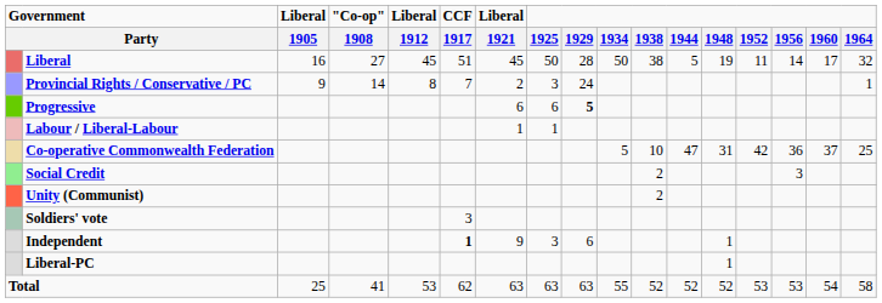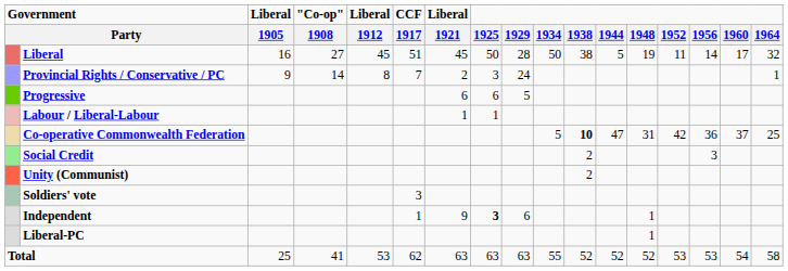 <table class="wikitable">
 <tr>
 <td colspan = "2"><strong>Government</strong></td>
 <td><strong>Liberal</strong></td>
 <td><strong>"Co-op"</strong></td>
 <td><strong>Liberal</strong></td>
 <td><strong>CCF</strong></td>
 <td><strong>Liberal</strong></td>
 </tr>
 <tr>
 <th colspan = "2">Party</th>
 <th><a href='#'>1905</a></th>
 <th><a href='#'>1908</a></th>
 <th><a href='#'>1912</a></th>
 <th><a href='#'>1917</a></th>
 <th><a href='#'>1921</a></th>
 <th><a href='#'>1925</a></th>
 <th><a href='#'>1929</a></th>
 <th><a href='#'>1934</a></th>
 <th><a href='#'>1938</a></th>
 <th><a href='#'>1944</a></th>
 <th><a href='#'>1948</a></th>
 <th><a href='#'>1952</a></th>
 <th><a href='#'>1956</a></th>
 <th><a href='#'>1960</a></th>
 <th><a href='#'>1964</a></th>
 </tr>
 <tr align = "right">
 <td bgcolor="#EA6D6A">   </td>
 <td align="left"><strong><a href='#'>Liberal</a></strong></td>
 <td>16</td>
 <td>27</td>
 <td>45</td>
 <td>51</td>
 <td>45</td>
 <td>50</td>
 <td>28</td>
 <td>50</td>
 <td>38</td>
 <td>5</td>
 <td>19</td>
 <td>11</td>
 <td>14</td>
 <td>17</td>
 <td>32</td>
 </tr>
 <tr align="right">
 <td bgcolor="#9999FF">   </td>
 <td align="left"><strong><a href='#'>Provincial Rights / Conservative / PC</a></strong></td>
 <td>9</td>
 <td>14</td>
 <td>8</td>
 <td>7</td>
 <td>2</td>
 <td>3</td>
 <td>24</td>
 <td></td>
 <td></td>
 <td></td>
 <td></td>
 <td></td>
 <td></td>
 <td></td>
 <td>1</td>
 </tr>
 <tr align = "right">
 <td bgcolor="#66CC00">   </td>
 <td align="left"><strong><a href='#'>Progressive</a></strong></td>
 <td></td>
 <td></td>
 <td></td>
 <td></td>
 <td>6</td>
 <td>6</td>
-<td><strong>5</strong></td>
+<td>5</td>
 <td></td>
 <td></td>
 <td></td>
 <td></td>
 <td></td>
 <td></td>
 <td></td>
 <td></td>
 </tr>
 <tr align = "right">
 <td bgcolor="#EEBBBB">   </td>
 <td align="left"><strong><a href='#'>Labour</a></strong> <strong>/</strong> <strong><a href='#'>Liberal-Labour</a></strong></td>
 <td></td>
 <td></td>
 <td></td>
 <td></td>
 <td>1</td>
 <td>1</td>
 <td></td>
 <td></td>
 <td></td>
 <td></td>
 <td></td>
 <td></td>
 <td></td>
 <td></td>
 <td></td>
 </tr>
 <tr align="right">
 <td bgcolor="#EEDDAA">   </td>
 <td align="left"><strong><a href='#'>Co-operative Commonwealth Federation</a></strong></td>
 <td></td>
 <td></td>
 <td></td>
 <td></td>
 <td></td>
 <td></td>
 <td></td>
 <td>5</td>
-<td>10</td>
+<td><strong>10</strong></td>
 <td>47</td>
 <td>31</td>
 <td>42</td>
 <td>36</td>
 <td>37</td>
 <td>25</td>
 </tr>
 <tr align = "right">
 <td bgcolor="#90EE90">   </td>
 <td align="left"><strong><a href='#'>Social Credit</a></strong></td>
 <td></td>
 <td></td>
 <td></td>
 <td></td>
 <td></td>
 <td></td>
 <td></td>
 <td></td>
 <td>2</td>
 <td></td>
 <td></td>
 <td></td>
 <td>3</td>
 <td></td>
 <td></td>
 </tr>
 <tr align = "right">
 <td bgcolor="#FF6347">   </td>
 <td align="left"><strong><a href='#'>Unity</a> (Communist)</strong></td>
 <td></td>
 <td></td>
 <td></td>
 <td></td>
 <td></td>
 <td></td>
 <td></td>
 <td></td>
 <td>2</td>
 <td></td>
 <td></td>
 <td></td>
 <td></td>
 <td></td>
 <td></td>
 </tr>
 <tr align = "right">
 <td bgcolor="#A6C8B5">   </td>
 <td align="left"><strong>Soldiers' vote</strong></td>
 <td></td>
 <td></td>
 <td></td>
 <td>3</td>
 <td></td>
 <td></td>
 <td></td>
 <td></td>
 <td></td>
 <td></td>
 <td></td>
 <td></td>
 <td></td>
 <td></td>
 <td></td>
 </tr>
 <tr align = "right">
 <td bgcolor="#DCDCDC">   </td>
 <td align="left"><strong>Independent</strong></td>
 <td></td>
 <td></td>
 <td></td>
-<td><strong>1</strong></td>
+<td>1</td>
 <td>9</td>
-<td>3</td>
+<td><strong>3</strong></td>
 <td>6</td>
 <td></td>
 <td></td>
 <td></td>
 <td>1</td>
 <td></td>
 <td></td>
 <td></td>
 </tr>
 <tr align = "right">
 <td bgcolor="#DCDCDC">   </td>
 <td align="left"><strong>Liberal-PC</strong></td>
 <td></td>
 <td></td>
 <td></td>
 <td></td>
 <td></td>
 <td></td>
 <td></td>
 <td></td>
 <td></td>
 <td></td>
 <td>1</td>
 <td></td>
 <td></td>
 <td></td>
 <td></td>
 </tr>
 <tr align = "right">
 <td colspan = "2" align="left"><strong>Total</strong></td>
 <td>25</td>
 <td>41</td>
 <td>53</td>
 <td>62</td>
 <td>63</td>
 <td>63</td>
 <td>63</td>
 <td>55</td>
 <td>52</td>
 <td>52</td>
 <td>52</td>
 <td>53</td>
 <td>53</td>
 <td>54</td>
 <td>58</td>
 </tr>
 </table>
